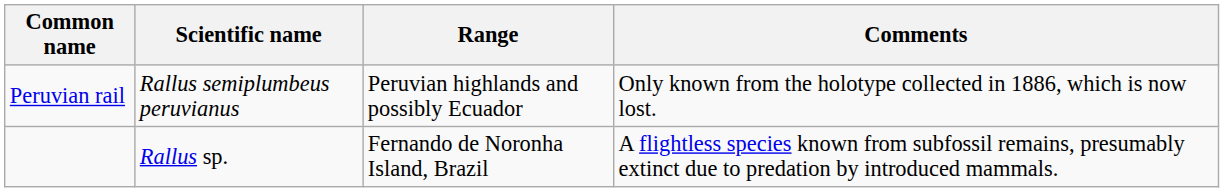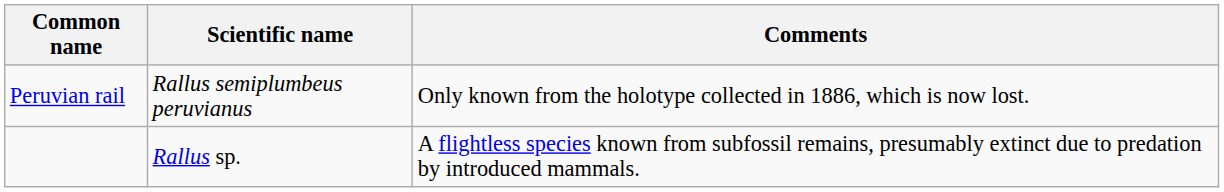 <table class="wikitable">
 <tr>
 <th>Common name</th>
 <th>Scientific name</th>
-<th>Range</th>
 <th class="unsortable">Comments</th>
 </tr>
 <tr>
 <td><a href='#'>Peruvian rail</a></td>
 <td><em>Rallus semiplumbeus peruvianus</em></td>
-<td>Peruvian highlands and possibly Ecuador</td>
 <td>Only known from the holotype collected in 1886, which is now lost.</td>
 </tr>
 <tr>
 <td></td>
 <td><em><a href='#'>Rallus</a></em> sp.</td>
-<td>Fernando de Noronha Island, Brazil</td>
 <td>A <a href='#'>flightless species</a> known from subfossil remains, presumably extinct due to predation by introduced mammals.</td>
 </tr>
 </table>
